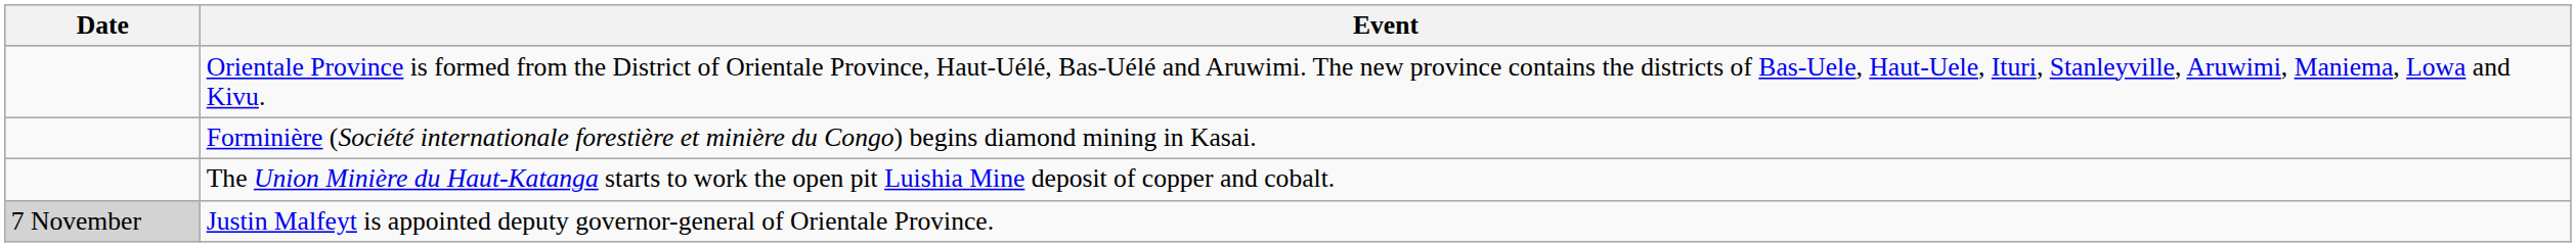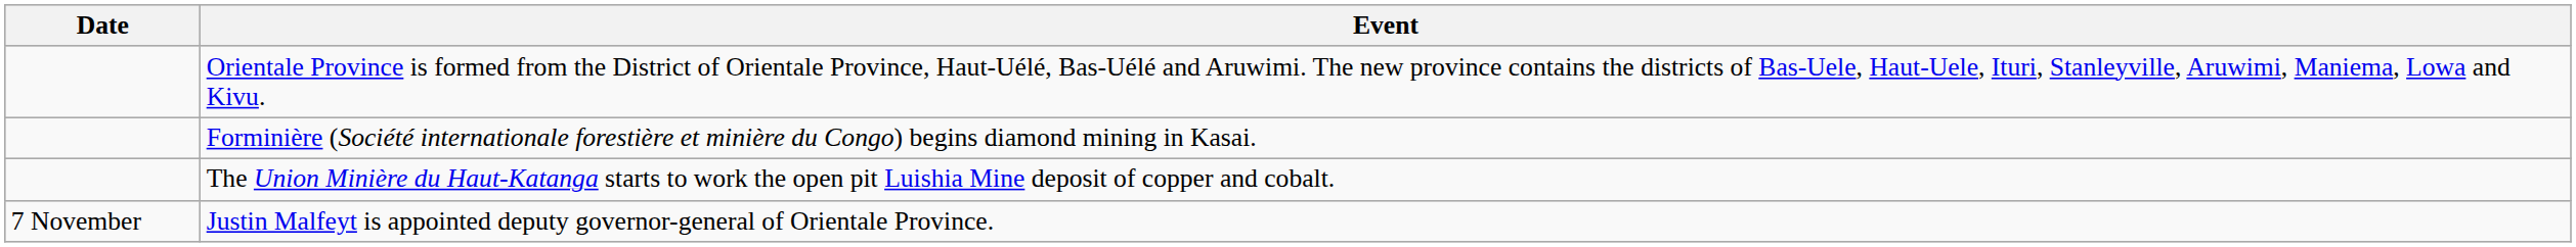 <table class=wikitable>
 <tr>
 <th style="width:7em">Date</th>
 <th>Event</th>
 </tr>
 <tr>
 <td></td>
 <td><a href='#'>Orientale Province</a> is formed from the District of Orientale Province, Haut-Uélé, Bas-Uélé and Aruwimi. The new province contains the districts of <a href='#'>Bas-Uele</a>, <a href='#'>Haut-Uele</a>, <a href='#'>Ituri</a>, <a href='#'>Stanleyville</a>, <a href='#'>Aruwimi</a>, <a href='#'>Maniema</a>, <a href='#'>Lowa</a> and <a href='#'>Kivu</a>.</td>
 </tr>
 <tr>
 <td></td>
 <td><a href='#'>Forminière</a> (<em>Société internationale forestière et minière du Congo</em>) begins diamond mining in Kasai.</td>
 </tr>
 <tr>
 <td></td>
 <td>The <em><a href='#'>Union Minière du Haut-Katanga</a></em> starts to work the open pit <a href='#'>Luishia Mine</a> deposit of copper and cobalt.</td>
 </tr>
 <tr>
-<td style="background: lightgrey;">7 November</td>
+<td>7 November</td>
 <td><a href='#'>Justin Malfeyt</a> is appointed deputy governor-general of Orientale Province.</td>
 </tr>
 </table>
